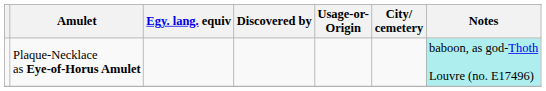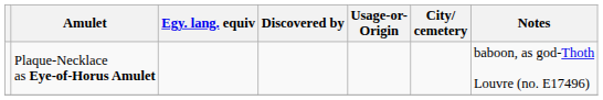 <table class="wikitable sortable">
 <tr style="background:#efefef;">
 <th></th>
 <th><strong>Amulet</strong></th>
 <th><a href='#'>Egy. lang.</a> equiv</th>
 <th>Discovered by</th>
 <th>Usage-or-<br>Origin</th>
 <th>City/<br>cemetery</th>
 <th>Notes</th>
 </tr>
 <tr>
 <td></td>
 <td>Plaque-Necklace<br>as <strong>Eye-of-Horus Amulet</strong></td>
 <td></td>
 <td></td>
 <td></td>
 <td></td>
-<td style="background: paleturquoise;">baboon, as god-<a href='#'>Thoth</a><br><br>Louvre (no. E17496)</td>
+<td>baboon, as god-<a href='#'>Thoth</a><br><br>Louvre (no. E17496)</td>
 </tr>
 <tr>
 </tr>
 </table>
